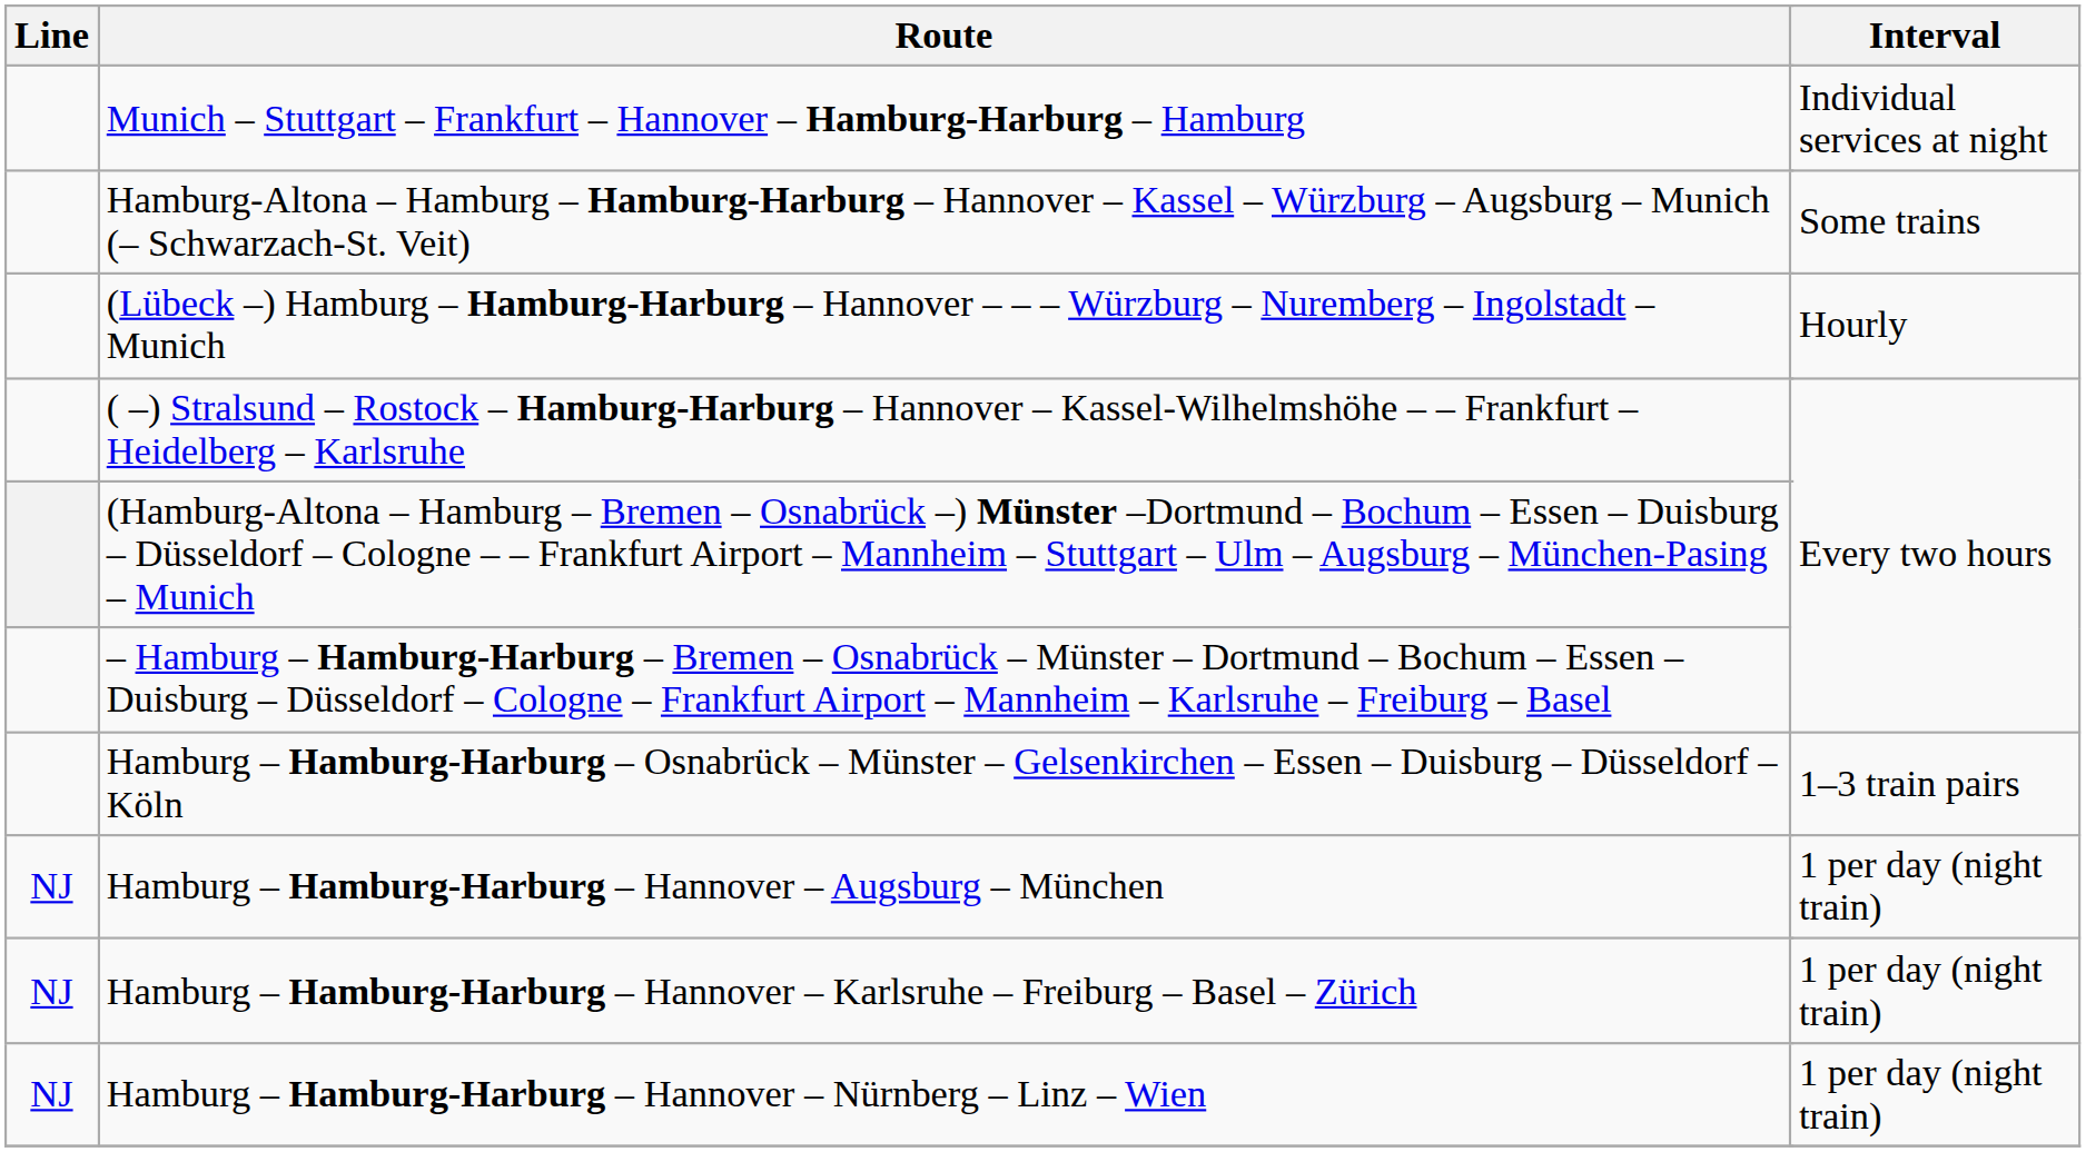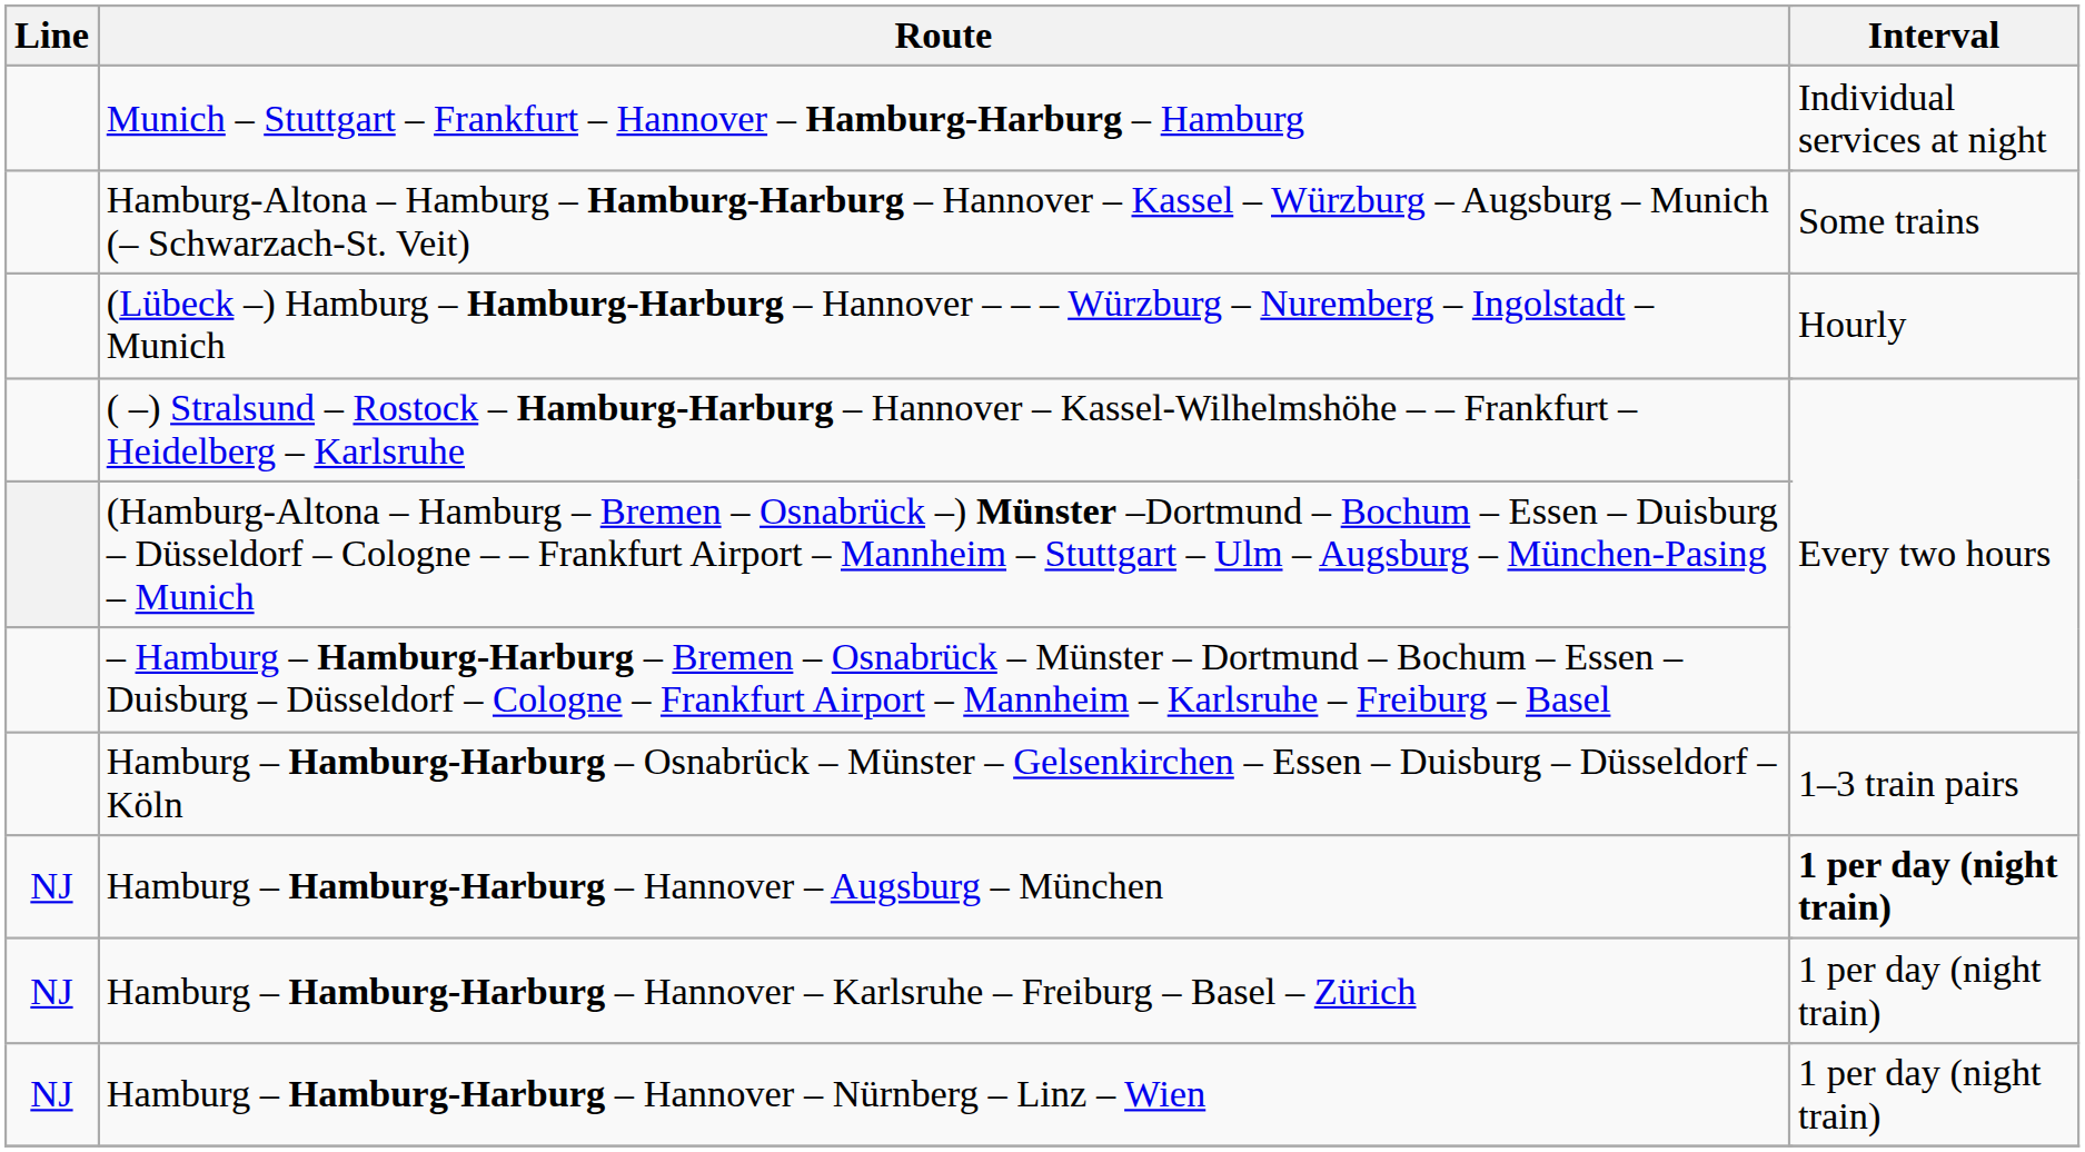 <table class="wikitable">
 <tr>
 <th>Line</th>
 <th colspan=2>Route</th>
 <th>Interval</th>
 </tr>
 <tr>
 <td align="center"></td>
 <td colspan=2><a href='#'>Munich</a> – <a href='#'>Stuttgart</a> – <a href='#'>Frankfurt</a> – <a href='#'>Hannover</a> – <strong>Hamburg-Harburg</strong> – <a href='#'>Hamburg</a></td>
 <td>Individual services at night</td>
 </tr>
 <tr>
 <td align="center"></td>
 <td colspan=2>Hamburg-Altona – Hamburg – <strong>Hamburg-Harburg</strong> – Hannover – <a href='#'>Kassel</a> – <a href='#'>Würzburg</a> –  Augsburg – Munich (– Schwarzach-St. Veit)</td>
 <td>Some trains</td>
 </tr>
 <tr>
 <td align="center"></td>
 <td colspan=2>(<a href='#'>Lübeck</a> –) Hamburg – <strong>Hamburg-Harburg</strong> – Hannover –  –  – <a href='#'>Würzburg</a> – <a href='#'>Nuremberg</a> – <a href='#'>Ingolstadt</a> – Munich</td>
 <td>Hourly</td>
 </tr>
 <tr>
 <td align="center"></td>
 <td colspan=2>( –) <a href='#'>Stralsund</a> – <a href='#'>Rostock</a> – <strong>Hamburg-Harburg</strong> – Hannover – Kassel-Wilhelmshöhe –  – Frankfurt – <a href='#'>Heidelberg</a> – <a href='#'>Karlsruhe</a></td>
 <td rowspan=3>Every two hours</td>
 </tr>
 <tr>
 <th></th>
 <td colspan=2>(Hamburg-Altona – Hamburg – <a href='#'>Bremen</a> – <a href='#'>Osnabrück</a> –) <strong>Münster</strong> –Dortmund – <a href='#'>Bochum</a> – Essen – Duisburg – Düsseldorf – Cologne –  – Frankfurt Airport – <a href='#'>Mannheim</a> – <a href='#'>Stuttgart</a> – <a href='#'>Ulm</a> – <a href='#'>Augsburg</a> – <a href='#'>München-Pasing</a> – <a href='#'>Munich</a></td>
 </tr>
 <tr>
 <td></td>
 <td colspan=2> – <a href='#'>Hamburg</a> – <strong>Hamburg-Harburg</strong> – <a href='#'>Bremen</a> – <a href='#'>Osnabrück</a> – Münster – Dortmund – Bochum – Essen – Duisburg – Düsseldorf – <a href='#'>Cologne</a> – <a href='#'>Frankfurt Airport</a> – <a href='#'>Mannheim</a> – <a href='#'>Karlsruhe</a> – <a href='#'>Freiburg</a> – <a href='#'>Basel</a></td>
 </tr>
 <tr>
 <td align="center"></td>
 <td colspan=2>Hamburg – <strong>Hamburg-Harburg</strong> – Osnabrück – Münster – <a href='#'>Gelsenkirchen</a> – Essen – Duisburg – Düsseldorf – Köln</td>
 <td>1–3 train pairs</td>
 </tr>
 <tr>
 <td align="center"><a href='#'>NJ</a></td>
 <td colspan=2>Hamburg – <strong>Hamburg-Harburg</strong> – Hannover – <a href='#'>Augsburg</a> – München</td>
-<td>1 per day (night train)</td>
+<td><strong>1 per day (night train)</strong></td>
 </tr>
 <tr>
 <td align="center"><a href='#'>NJ</a></td>
 <td colspan=2>Hamburg – <strong>Hamburg-Harburg</strong> – Hannover – Karlsruhe – Freiburg – Basel – <a href='#'>Zürich</a></td>
 <td>1 per day (night train)</td>
 </tr>
 <tr>
 <td align="center"><a href='#'>NJ</a></td>
 <td colspan=2>Hamburg – <strong>Hamburg-Harburg</strong> – Hannover – Nürnberg – Linz – <a href='#'>Wien</a></td>
 <td>1 per day (night train)</td>
 </tr>
 <tr>
 </tr>
 </table>
